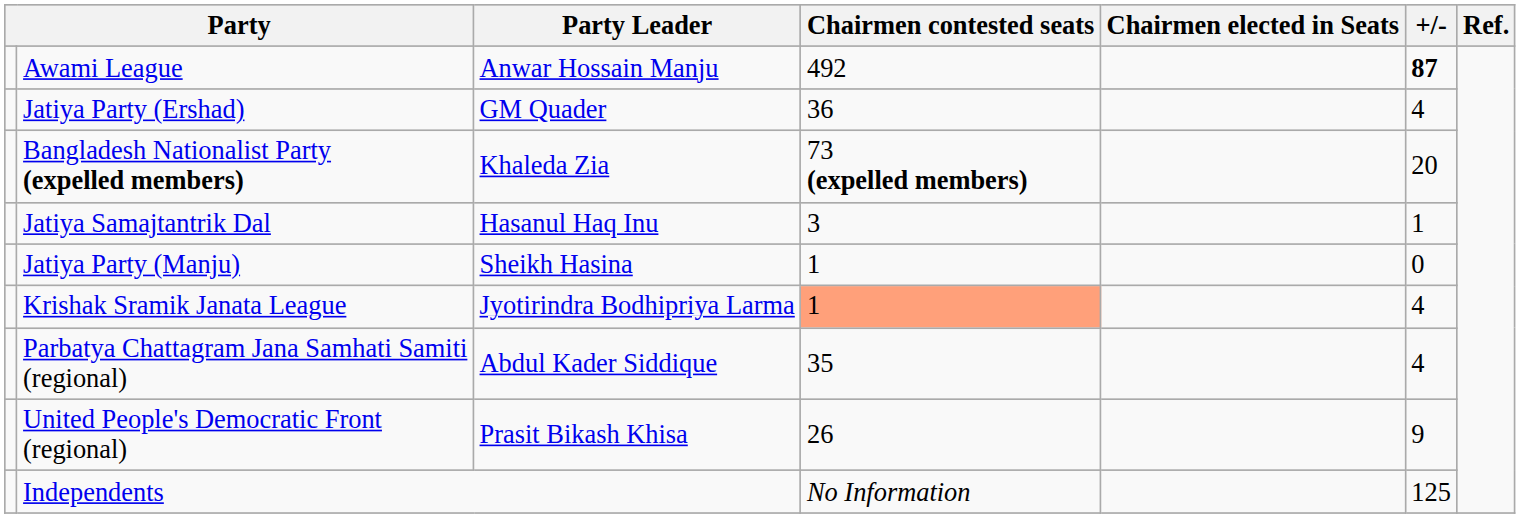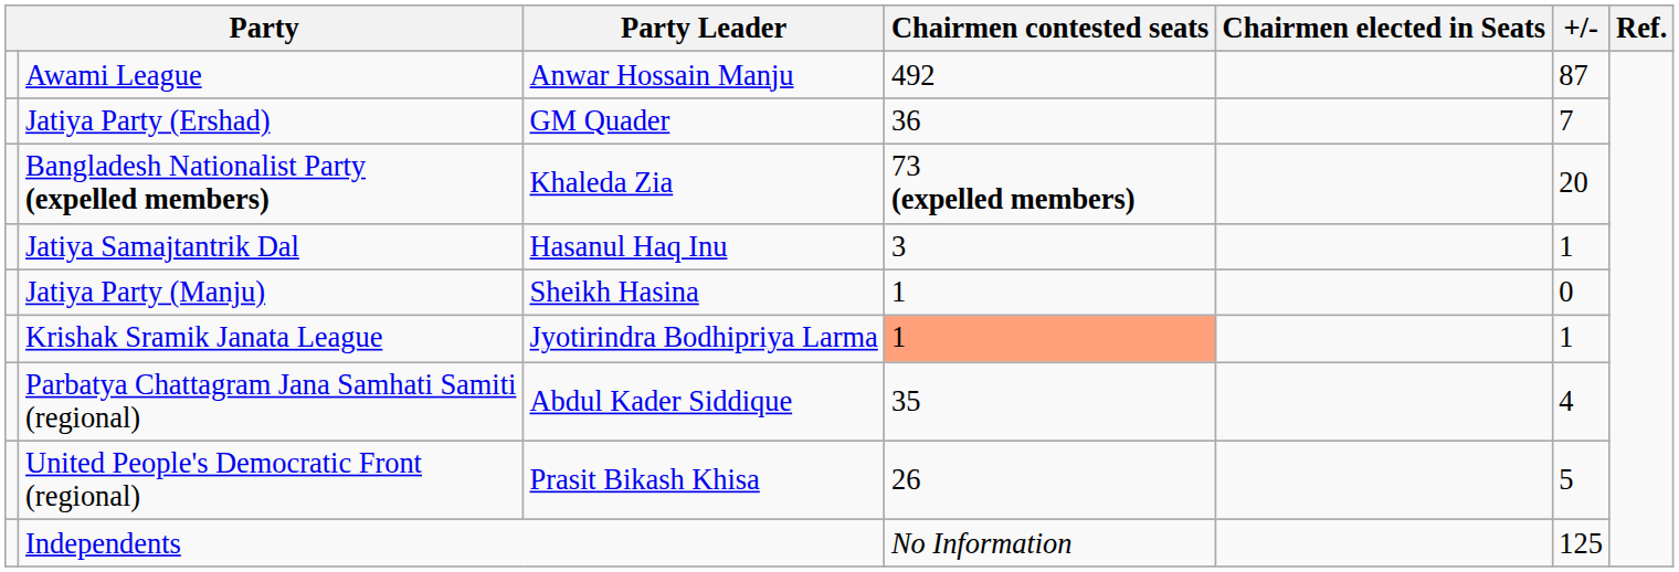 <table class="wikitable">
 <tr>
 <th colspan="2">Party</th>
 <th>Party Leader</th>
 <th>Chairmen contested seats</th>
 <th>Chairmen elected in Seats</th>
 <th>+/-</th>
 <th>Ref.</th>
 </tr>
 <tr>
 <td></td>
 <td><a href='#'>Awami League</a></td>
 <td><a href='#'>Anwar Hossain Manju</a></td>
 <td>492</td>
 <td></td>
-<td><strong>87</strong></td>
+<td>87</td>
 <td rowspan="9"></td>
 </tr>
 <tr>
 <td></td>
 <td><a href='#'>Jatiya Party (Ershad)</a></td>
 <td><a href='#'>GM Quader</a></td>
 <td>36</td>
 <td></td>
-<td>4</td>
+<td>7</td>
 </tr>
 <tr>
 <td></td>
 <td><a href='#'>Bangladesh Nationalist Party</a><br><strong>(expelled members)</strong></td>
 <td><a href='#'>Khaleda Zia</a></td>
 <td>73<br><strong>(expelled members)</strong></td>
 <td></td>
 <td>20</td>
 </tr>
 <tr>
 <td></td>
 <td><a href='#'>Jatiya Samajtantrik Dal</a></td>
 <td><a href='#'>Hasanul Haq Inu</a></td>
 <td>3</td>
 <td></td>
 <td>1</td>
 </tr>
 <tr>
 <td></td>
 <td><a href='#'>Jatiya Party (Manju)</a></td>
 <td><a href='#'>Sheikh Hasina</a></td>
 <td>1</td>
 <td></td>
 <td>0</td>
 </tr>
 <tr>
 <td></td>
 <td><a href='#'>Krishak Sramik Janata League</a></td>
 <td><a href='#'>Jyotirindra Bodhipriya Larma</a></td>
 <td style="background: lightsalmon;">1</td>
 <td></td>
-<td>4</td>
+<td>1</td>
 </tr>
 <tr>
 <td></td>
 <td><a href='#'>Parbatya Chattagram Jana Samhati Samiti</a><br>(regional)</td>
 <td><a href='#'>Abdul Kader Siddique</a></td>
 <td>35</td>
 <td></td>
 <td>4</td>
 </tr>
 <tr>
 <td></td>
 <td><a href='#'>United People's Democratic Front</a><br>(regional)</td>
 <td><a href='#'>Prasit Bikash Khisa</a></td>
 <td>26</td>
 <td></td>
-<td>9</td>
+<td>5</td>
 </tr>
 <tr>
 <td></td>
 <td colspan="2"><a href='#'>Independents</a></td>
 <td><em>No Information</em></td>
 <td></td>
 <td>125</td>
 </tr>
 </table>
